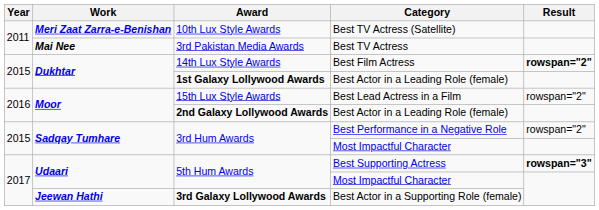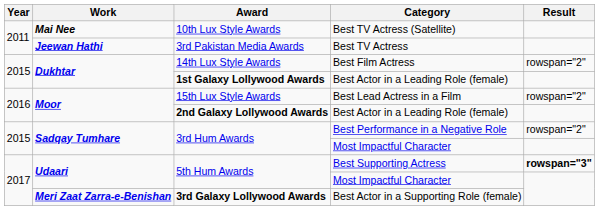 <table class="wikitable sortable">
 <tr>
 <th>Year</th>
 <th>Work</th>
 <th>Award</th>
 <th>Category</th>
 <th>Result</th>
 </tr>
 <tr>
 <td rowspan="2">2011</td>
-<td><strong><em><a href='#'>Meri Zaat Zarra-e-Benishan</a></em></strong></td>
+<td><strong><em>Mai Nee</em></strong></td>
 <td><a href='#'>10th Lux Style Awards</a></td>
 <td>Best TV Actress (Satellite)</td>
 <td></td>
 </tr>
 <tr>
-<td><strong><em>Mai Nee</em></strong></td>
+<td><strong><em><a href='#'>Jeewan Hathi</a></em></strong></td>
 <td><a href='#'>3rd Pakistan Media Awards</a></td>
 <td>Best TV Actress</td>
 <td></td>
 </tr>
 <tr>
 <td rowspan="2">2015</td>
 <td rowspan="2"><strong><em><a href='#'>Dukhtar</a></em></strong></td>
 <td><a href='#'>14th Lux Style Awards</a></td>
 <td>Best Film Actress</td>
-<td><strong>rowspan="2" </strong></td>
+<td>rowspan="2" </td>
 </tr>
 <tr>
 <td><strong>1st Galaxy Lollywood Awards</strong></td>
 <td>Best Actor in a Leading Role (female)</td>
 </tr>
 <tr>
 <td rowspan="2">2016</td>
 <td rowspan="2"><strong><em><a href='#'>Moor</a></em></strong></td>
 <td><a href='#'>15th Lux Style Awards</a></td>
 <td>Best Lead Actress in a Film</td>
 <td>rowspan="2" </td>
 </tr>
 <tr>
 <td><strong>2nd Galaxy Lollywood Awards</strong></td>
 <td>Best Actor in a Leading Role (female)</td>
 </tr>
 <tr>
 <td rowspan="2">2015</td>
 <td rowspan="2"><strong><em><a href='#'>Sadqay Tumhare</a></em></strong></td>
 <td rowspan="2"><a href='#'>3rd Hum Awards</a></td>
 <td><a href='#'>Best Performance in a Negative Role</a></td>
 <td>rowspan="2" </td>
 </tr>
 <tr>
 <td><a href='#'>Most Impactful Character</a></td>
 </tr>
 <tr>
 <td rowspan="3">2017</td>
 <td rowspan="2"><strong><em><a href='#'>Udaari</a></em></strong></td>
 <td rowspan="2"><a href='#'>5th Hum Awards</a></td>
 <td><a href='#'>Best Supporting Actress</a></td>
 <td><strong>rowspan="3" </strong></td>
 </tr>
 <tr>
 <td><a href='#'>Most Impactful Character</a></td>
 </tr>
 <tr>
-<td><strong><em><a href='#'>Jeewan Hathi</a></em></strong></td>
+<td><strong><em><a href='#'>Meri Zaat Zarra-e-Benishan</a></em></strong></td>
 <td><strong>3rd Galaxy Lollywood Awards</strong></td>
 <td>Best Actor in a Supporting Role (female)</td>
 </tr>
 </table>
